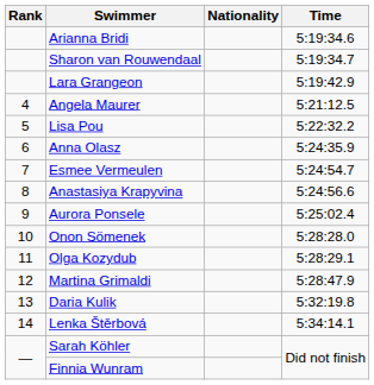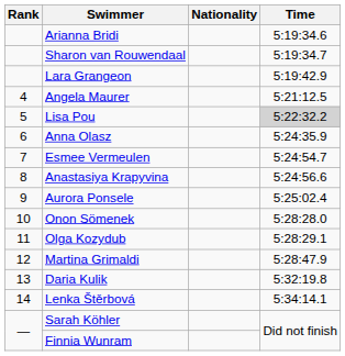 <table class="wikitable sortable" border="1" style="text-align:center">
 <tr>
 <th>Rank</th>
 <th>Swimmer</th>
 <th>Nationality</th>
 <th>Time</th>
 </tr>
 <tr>
 <td></td>
 <td align=left><a href='#'>Arianna Bridi</a></td>
 <td align=left></td>
 <td>5:19:34.6</td>
 </tr>
 <tr>
 <td></td>
 <td align=left><a href='#'>Sharon van Rouwendaal</a></td>
 <td align=left></td>
 <td>5:19:34.7</td>
 </tr>
 <tr>
 <td></td>
 <td align=left><a href='#'>Lara Grangeon</a></td>
 <td align=left></td>
 <td>5:19:42.9</td>
 </tr>
 <tr>
 <td>4</td>
 <td align=left><a href='#'>Angela Maurer</a></td>
 <td align=left></td>
 <td>5:21:12.5</td>
 </tr>
 <tr>
 <td>5</td>
 <td align=left><a href='#'>Lisa Pou</a></td>
 <td align=left></td>
-<td>5:22:32.2</td>
+<td style="background: lightgrey;">5:22:32.2</td>
 </tr>
 <tr>
 <td>6</td>
 <td align=left><a href='#'>Anna Olasz</a></td>
 <td align=left></td>
 <td>5:24:35.9</td>
 </tr>
 <tr>
 <td>7</td>
 <td align=left><a href='#'>Esmee Vermeulen</a></td>
 <td align=left></td>
 <td>5:24:54.7</td>
 </tr>
 <tr>
 <td>8</td>
 <td align=left><a href='#'>Anastasiya Krapyvina</a></td>
 <td align=left></td>
 <td>5:24:56.6</td>
 </tr>
 <tr>
 <td>9</td>
 <td align=left><a href='#'>Aurora Ponsele</a></td>
 <td align=left></td>
 <td>5:25:02.4</td>
 </tr>
 <tr>
 <td>10</td>
 <td align=left><a href='#'>Onon Sömenek</a></td>
 <td align=left></td>
 <td>5:28:28.0</td>
 </tr>
 <tr>
 <td>11</td>
 <td align=left><a href='#'>Olga Kozydub</a></td>
 <td align=left></td>
 <td>5:28:29.1</td>
 </tr>
 <tr>
 <td>12</td>
 <td align=left><a href='#'>Martina Grimaldi</a></td>
 <td align=left></td>
 <td>5:28:47.9</td>
 </tr>
 <tr>
 <td>13</td>
 <td align=left><a href='#'>Daria Kulik</a></td>
 <td align=left></td>
 <td>5:32:19.8</td>
 </tr>
 <tr>
 <td>14</td>
 <td align=left><a href='#'>Lenka Štěrbová</a></td>
 <td align=left></td>
 <td>5:34:14.1</td>
 </tr>
 <tr>
 <td rowspan=2>—</td>
 <td align=left><a href='#'>Sarah Köhler</a></td>
 <td align=left></td>
 <td rowspan=2>Did not finish</td>
 </tr>
 <tr>
 <td align=left><a href='#'>Finnia Wunram</a></td>
 <td align=left></td>
 </tr>
 </table>
